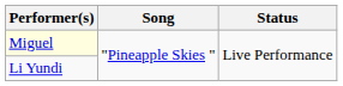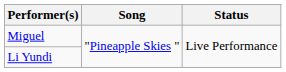 <table class="wikitable" style="font-size:85%">
 <tr>
 <th>Performer(s)</th>
 <th>Song</th>
 <th>Status</th>
 </tr>
 <tr>
-<td style="background: lightyellow;"> <a href='#'>Miguel</a></td>
+<td> <a href='#'>Miguel</a></td>
 <td rowspan="2">"<a href='#'>Pineapple Skies</a> "</td>
 <td rowspan="2">Live Performance</td>
 </tr>
 <tr>
 <td> <a href='#'>Li Yundi</a></td>
 </tr>
 </table>
